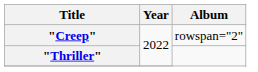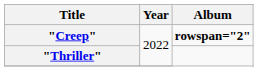 <table class="wikitable plainrowheaders" style="text-align:center;">
 <tr>
 <th scope="col" style="width:10em;">Title</th>
 <th scope="col">Year</th>
 <th scope="col">Album</th>
 </tr>
 <tr>
 <th scope="row">"<a href='#'>Creep</a>"</th>
 <td rowspan="2">2022</td>
-<td>rowspan="2" </td>
+<td><strong>rowspan="2" </strong></td>
 </tr>
 <tr>
 <th scope="row">"<a href='#'>Thriller</a>"</th>
 </tr>
 <tr>
 </tr>
 </table>
